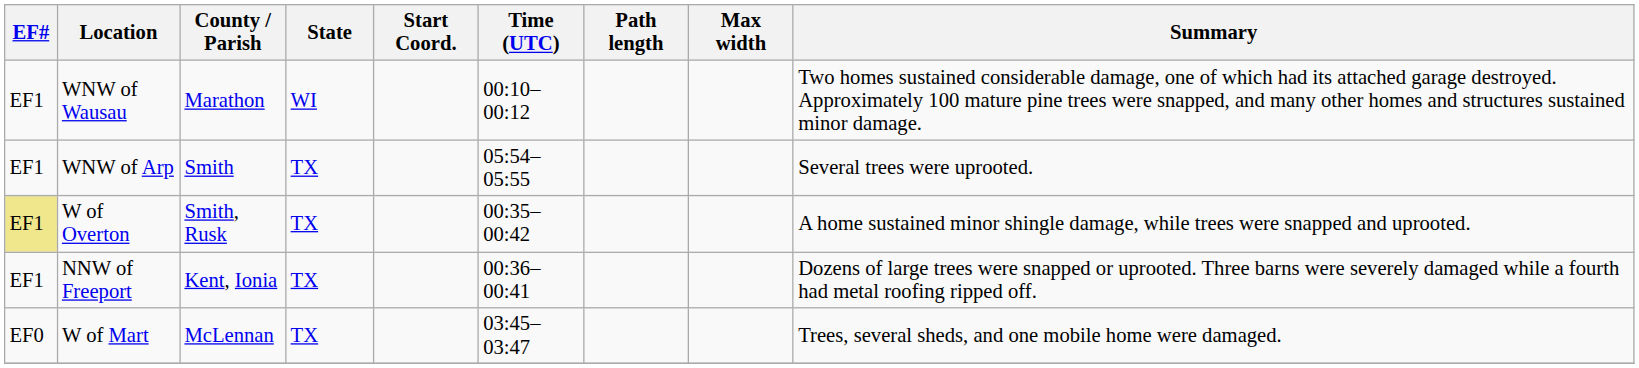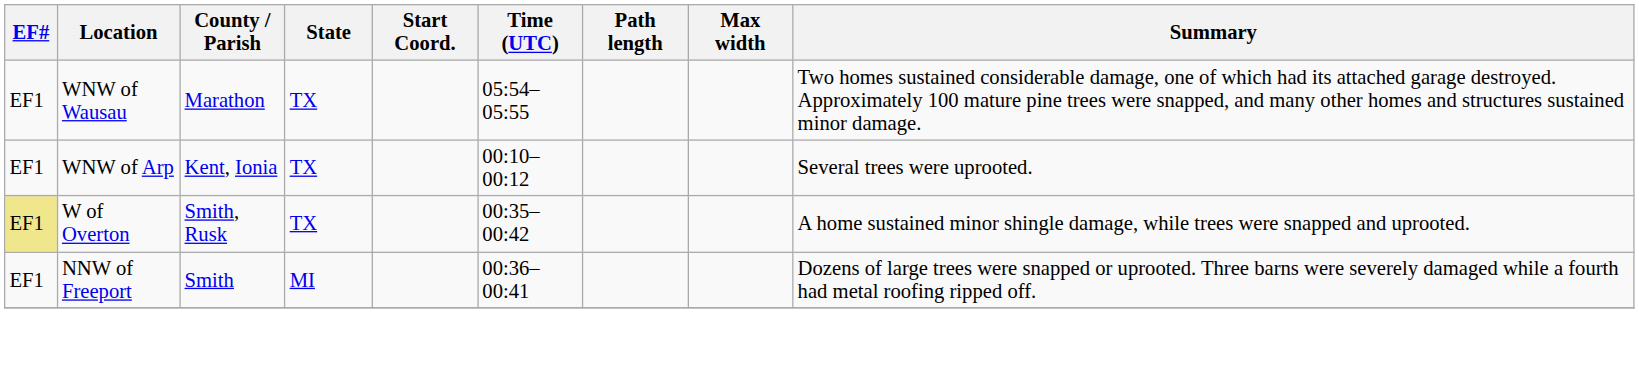 <table class="wikitable sortable" style="width:100%;">
 <tr>
 <th scope="col"  style="width:3%; text-align:center;"><a href='#'>EF#</a></th>
 <th scope="col"  style="width:7%; text-align:center;" class="unsortable">Location</th>
 <th scope="col"  style="width:6%; text-align:center;" class="unsortable">County / Parish</th>
 <th scope="col"  style="width:5%; text-align:center;">State</th>
 <th scope="col"  style="width:6%; text-align:center;">Start Coord.</th>
 <th scope="col"  style="width:6%; text-align:center;">Time (<a href='#'>UTC</a>)</th>
 <th scope="col"  style="width:6%; text-align:center;">Path length</th>
 <th scope="col"  style="width:6%; text-align:center;">Max width</th>
 <th scope="col" class="unsortable" style="width:48%; text-align:center;">Summary</th>
 </tr>
 <tr>
 <td>EF1</td>
 <td>WNW of <a href='#'>Wausau</a></td>
 <td><a href='#'>Marathon</a></td>
-<td><a href='#'>WI</a></td>
+<td><a href='#'>TX</a></td>
 <td></td>
-<td>00:10–00:12</td>
+<td>05:54–05:55</td>
 <td></td>
 <td></td>
 <td>Two homes sustained considerable damage, one of which had its attached garage destroyed. Approximately 100 mature pine trees were snapped, and many other homes and structures sustained minor damage.</td>
 </tr>
 <tr>
 <td>EF1</td>
 <td>WNW of <a href='#'>Arp</a></td>
-<td><a href='#'>Smith</a></td>
+<td><a href='#'>Kent</a>, <a href='#'>Ionia</a></td>
 <td><a href='#'>TX</a></td>
 <td></td>
-<td>05:54–05:55</td>
+<td>00:10–00:12</td>
 <td></td>
 <td></td>
 <td>Several trees were uprooted.</td>
 </tr>
 <tr>
 <td style="background: khaki;">EF1</td>
 <td>W of <a href='#'>Overton</a></td>
 <td><a href='#'>Smith</a>, <a href='#'>Rusk</a></td>
 <td><a href='#'>TX</a></td>
 <td></td>
 <td>00:35–00:42</td>
 <td></td>
 <td></td>
 <td>A home sustained minor shingle damage, while trees were snapped and uprooted.</td>
 </tr>
 <tr>
 <td>EF1</td>
 <td>NNW of <a href='#'>Freeport</a></td>
-<td><a href='#'>Kent</a>, <a href='#'>Ionia</a></td>
-<td><a href='#'>TX</a></td>
+<td><a href='#'>Smith</a></td>
+<td><a href='#'>MI</a></td>
 <td></td>
 <td>00:36–00:41</td>
 <td></td>
 <td></td>
 <td>Dozens of large trees were snapped or uprooted. Three barns were severely damaged while a fourth had metal roofing ripped off.</td>
 </tr>
 <tr>
-<td>EF0</td>
-<td>W of <a href='#'>Mart</a></td>
-<td><a href='#'>McLennan</a></td>
-<td><a href='#'>TX</a></td>
-<td></td>
-<td>03:45–03:47</td>
-<td></td>
-<td></td>
-<td>Trees, several sheds, and one mobile home were damaged.</td>
-</tr>
-<tr>
 </tr>
 </table>
